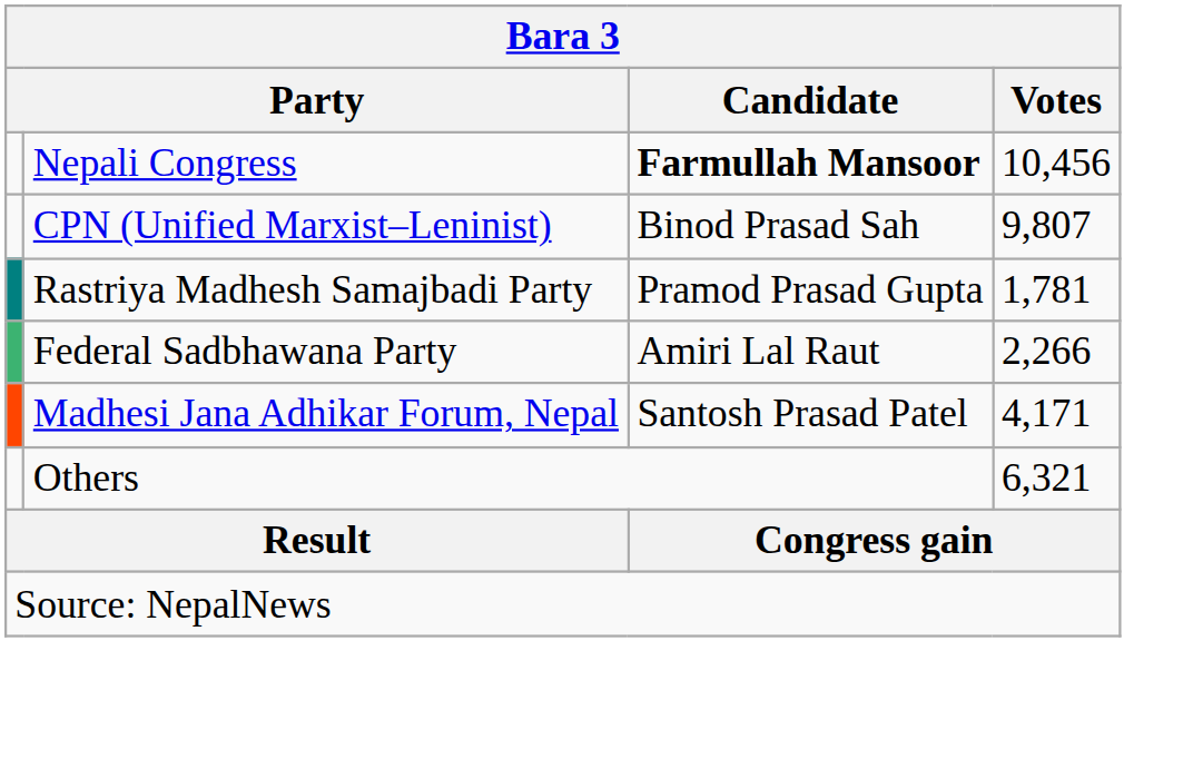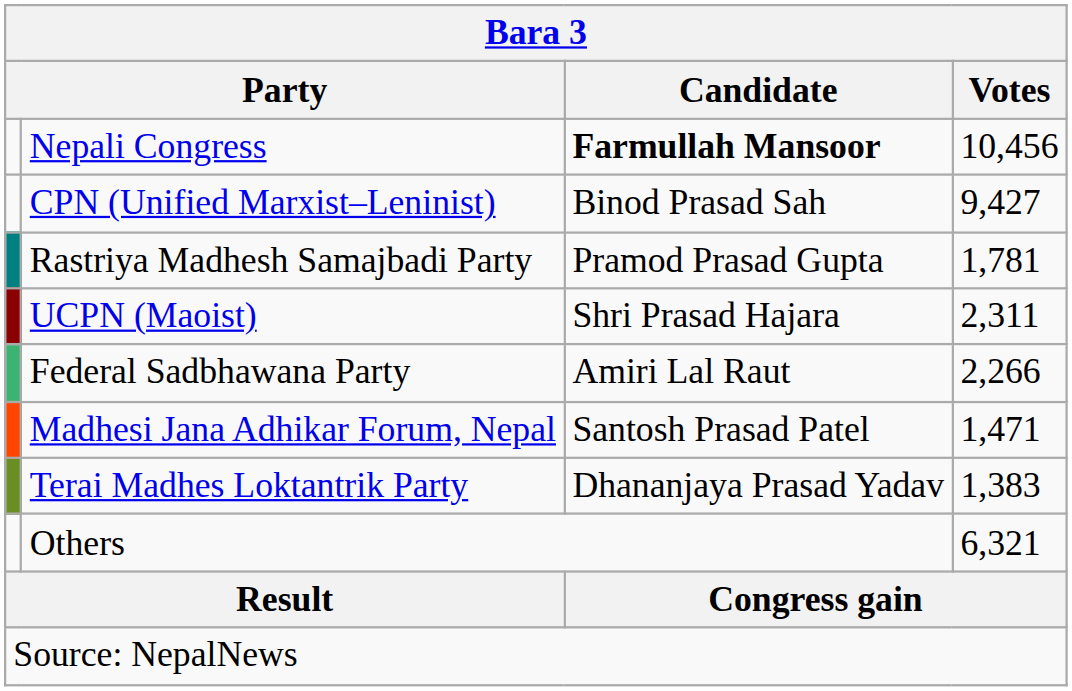 <table class="wikitable">
 <tr>
 <th colspan="4"><a href='#'>Bara 3</a></th>
 </tr>
 <tr>
 <th colspan="2">Party</th>
 <th>Candidate</th>
 <th>Votes</th>
 </tr>
 <tr>
 <td style="background-color:"></td>
 <td><a href='#'>Nepali Congress</a></td>
 <td><strong>Farmullah Mansoor</strong></td>
 <td>10,456</td>
 </tr>
 <tr>
 <td style="background-color:"></td>
 <td><a href='#'>CPN (Unified Marxist–Leninist)</a></td>
 <td>Binod Prasad Sah</td>
-<td>9,807</td>
+<td>9,427</td>
 </tr>
 <tr>
 <td style="background-color:teal"></td>
 <td>Rastriya Madhesh Samajbadi Party</td>
 <td>Pramod Prasad Gupta</td>
 <td>1,781</td>
+</tr>
+<tr>
+<td style="background-color:darkred"></td>
+<td><a href='#'>UCPN (Maoist)</a></td>
+<td>Shri Prasad Hajara</td>
+<td>2,311</td>
 </tr>
 <tr>
 <td style="background-color:mediumseagreen"></td>
 <td>Federal Sadbhawana Party</td>
 <td>Amiri Lal Raut</td>
 <td>2,266</td>
 </tr>
 <tr>
 <td style="background-color:orangered"></td>
 <td><a href='#'>Madhesi Jana Adhikar Forum, Nepal</a></td>
 <td>Santosh Prasad Patel</td>
-<td>4,171</td>
+<td>1,471</td>
+</tr>
+<tr>
+<td style="background-color:olivedrab"></td>
+<td><a href='#'>Terai Madhes Loktantrik Party</a></td>
+<td>Dhananjaya Prasad Yadav</td>
+<td>1,383</td>
 </tr>
 <tr>
 <td></td>
 <td colspan="2">Others</td>
 <td>6,321</td>
 </tr>
 <tr>
 <th colspan="2">Result</th>
 <th colspan="2">Congress gain</th>
 </tr>
 <tr>
 <td colspan="4">Source: NepalNews</td>
 </tr>
 </table>
